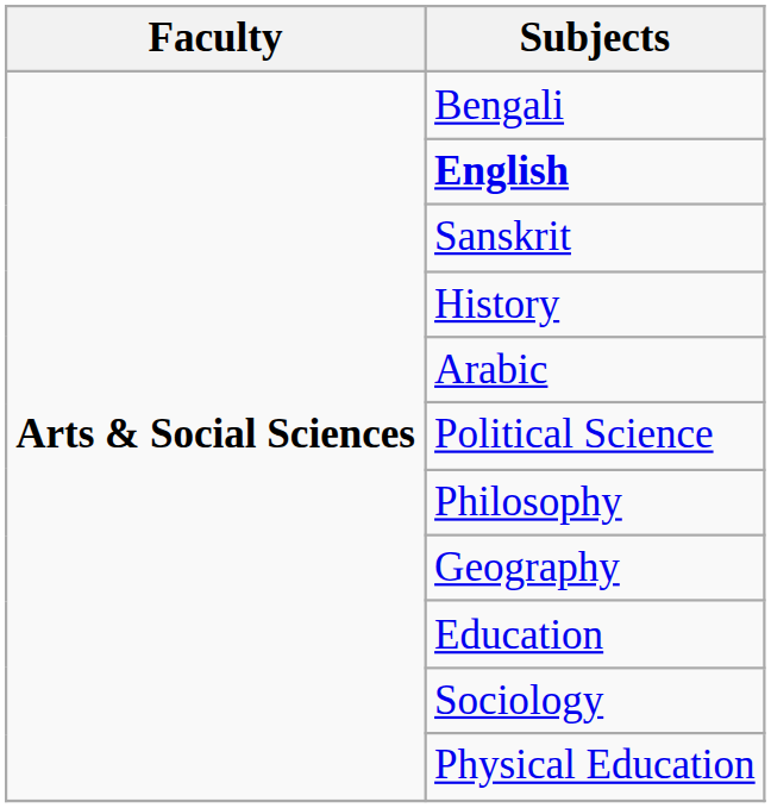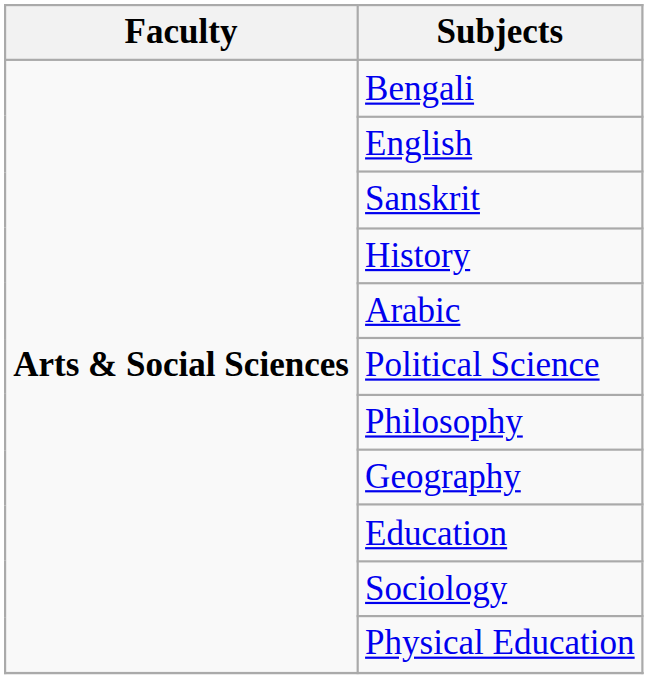 <table class="wikitable sortable">
 <tr>
 <th><strong>Faculty</strong></th>
 <th><strong>Subjects</strong></th>
 </tr>
 <tr>
 <td rowspan="11"><strong>Arts & Social Sciences</strong></td>
 <td><a href='#'>Bengali</a></td>
 </tr>
 <tr>
-<td><strong><a href='#'>English</a></strong></td>
+<td><a href='#'>English</a></td>
 </tr>
 <tr>
 <td><a href='#'>Sanskrit</a></td>
 </tr>
 <tr>
 <td><a href='#'>History</a></td>
 </tr>
 <tr>
 <td><a href='#'>Arabic</a></td>
 </tr>
 <tr>
 <td><a href='#'>Political Science</a></td>
 </tr>
 <tr>
 <td><a href='#'>Philosophy</a></td>
 </tr>
 <tr>
 <td><a href='#'>Geography</a></td>
 </tr>
 <tr>
 <td><a href='#'>Education</a></td>
 </tr>
 <tr>
 <td><a href='#'>Sociology</a></td>
 </tr>
 <tr>
 <td><a href='#'>Physical Education</a></td>
 </tr>
 <tr>
 </tr>
 </table>
